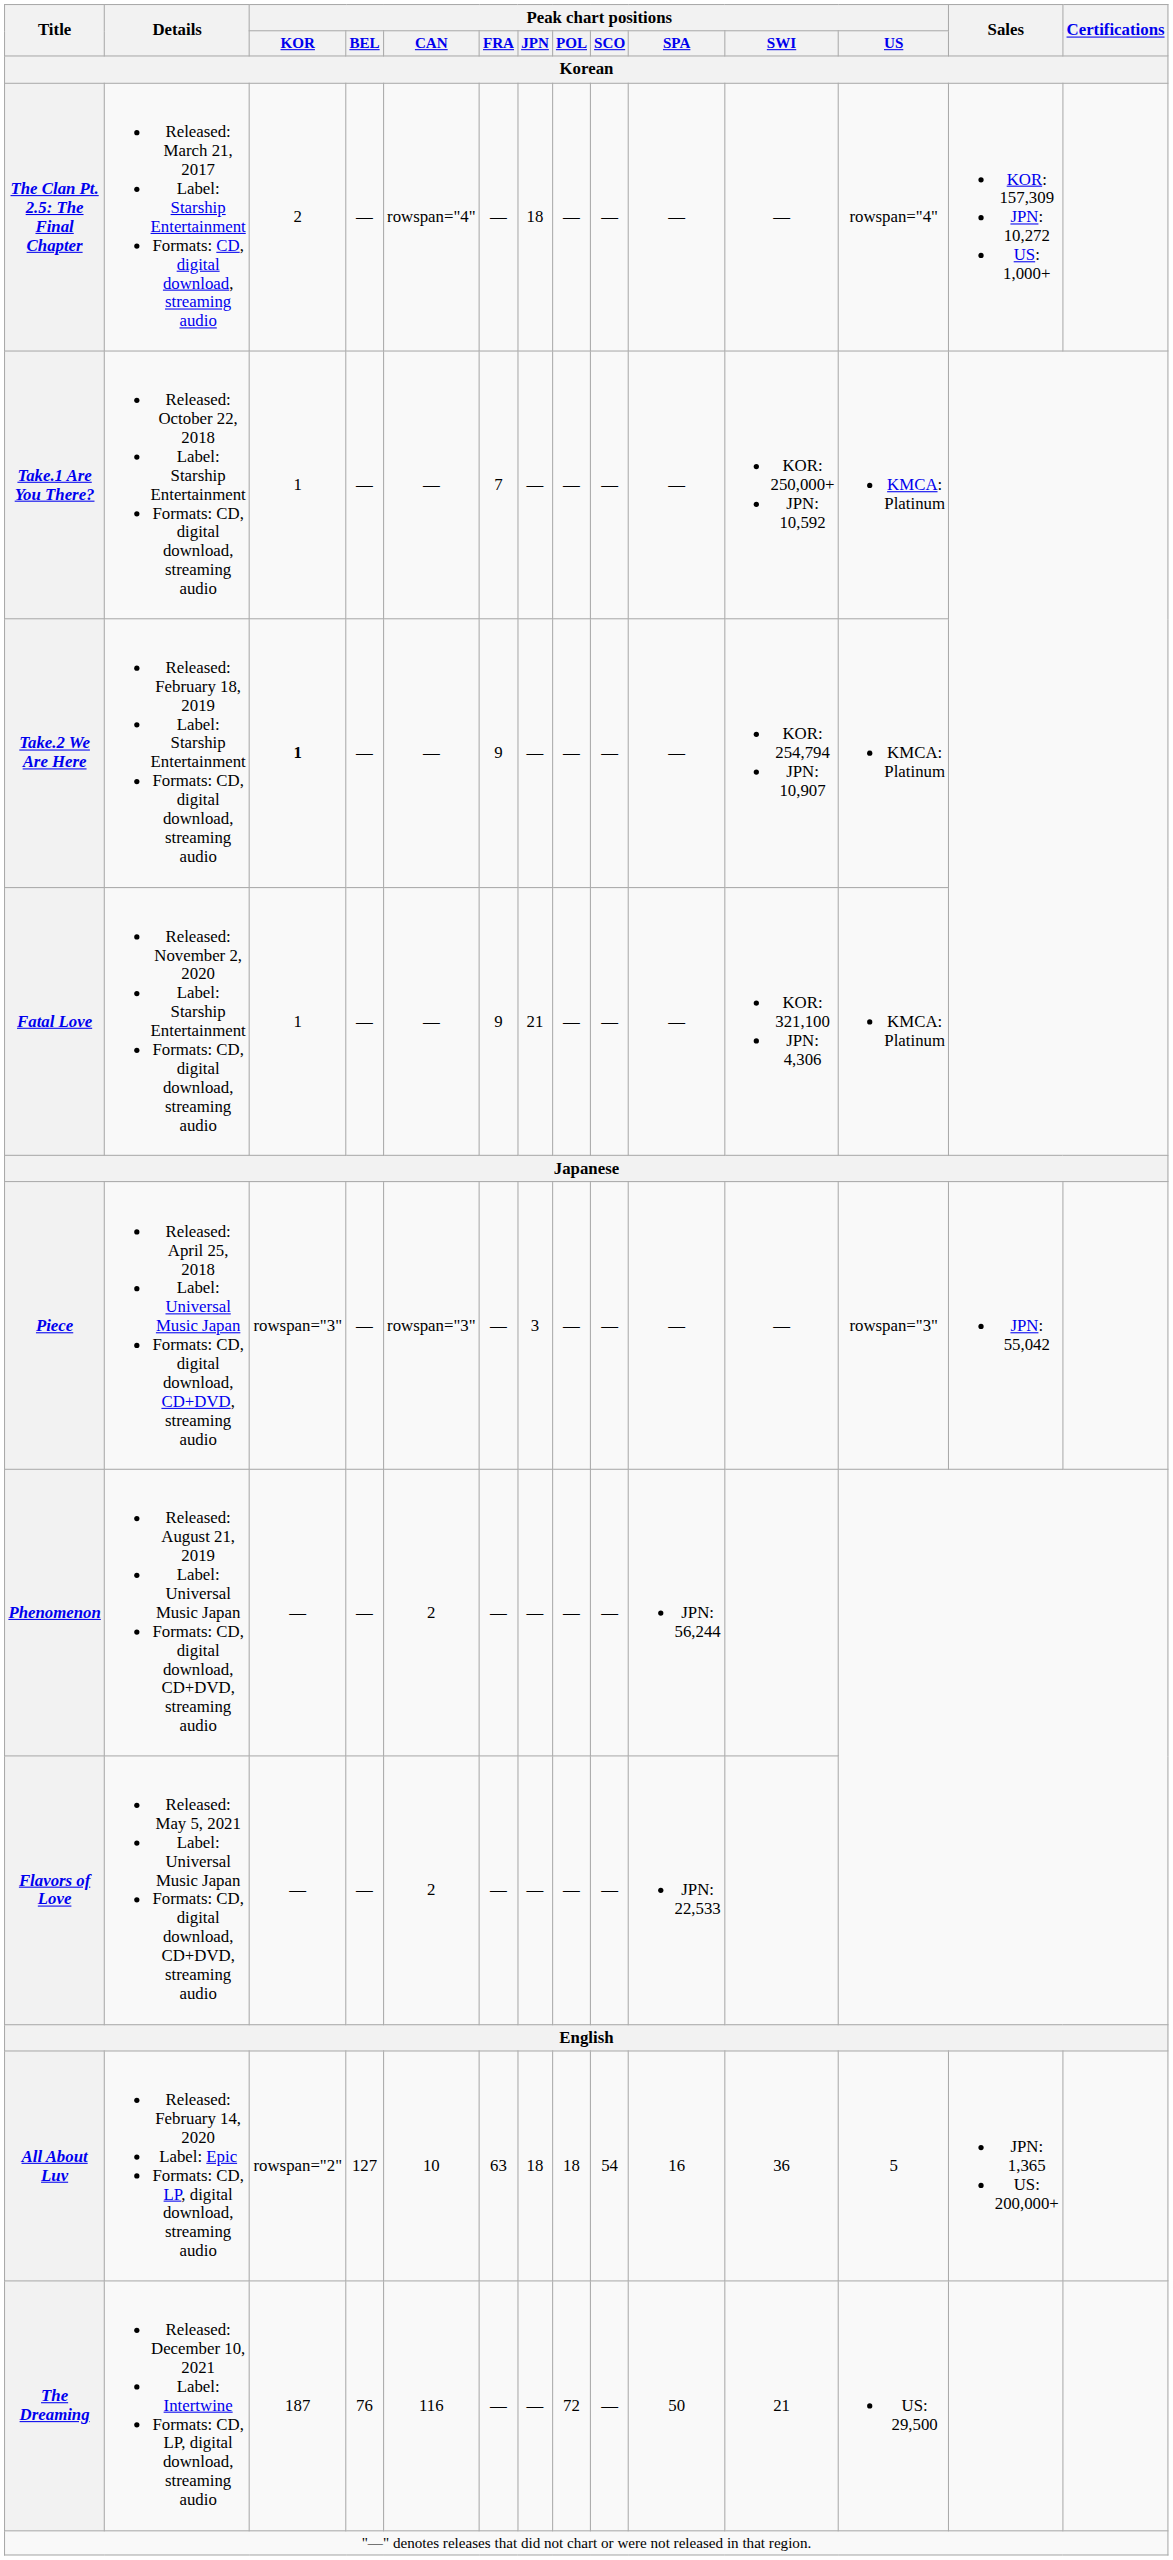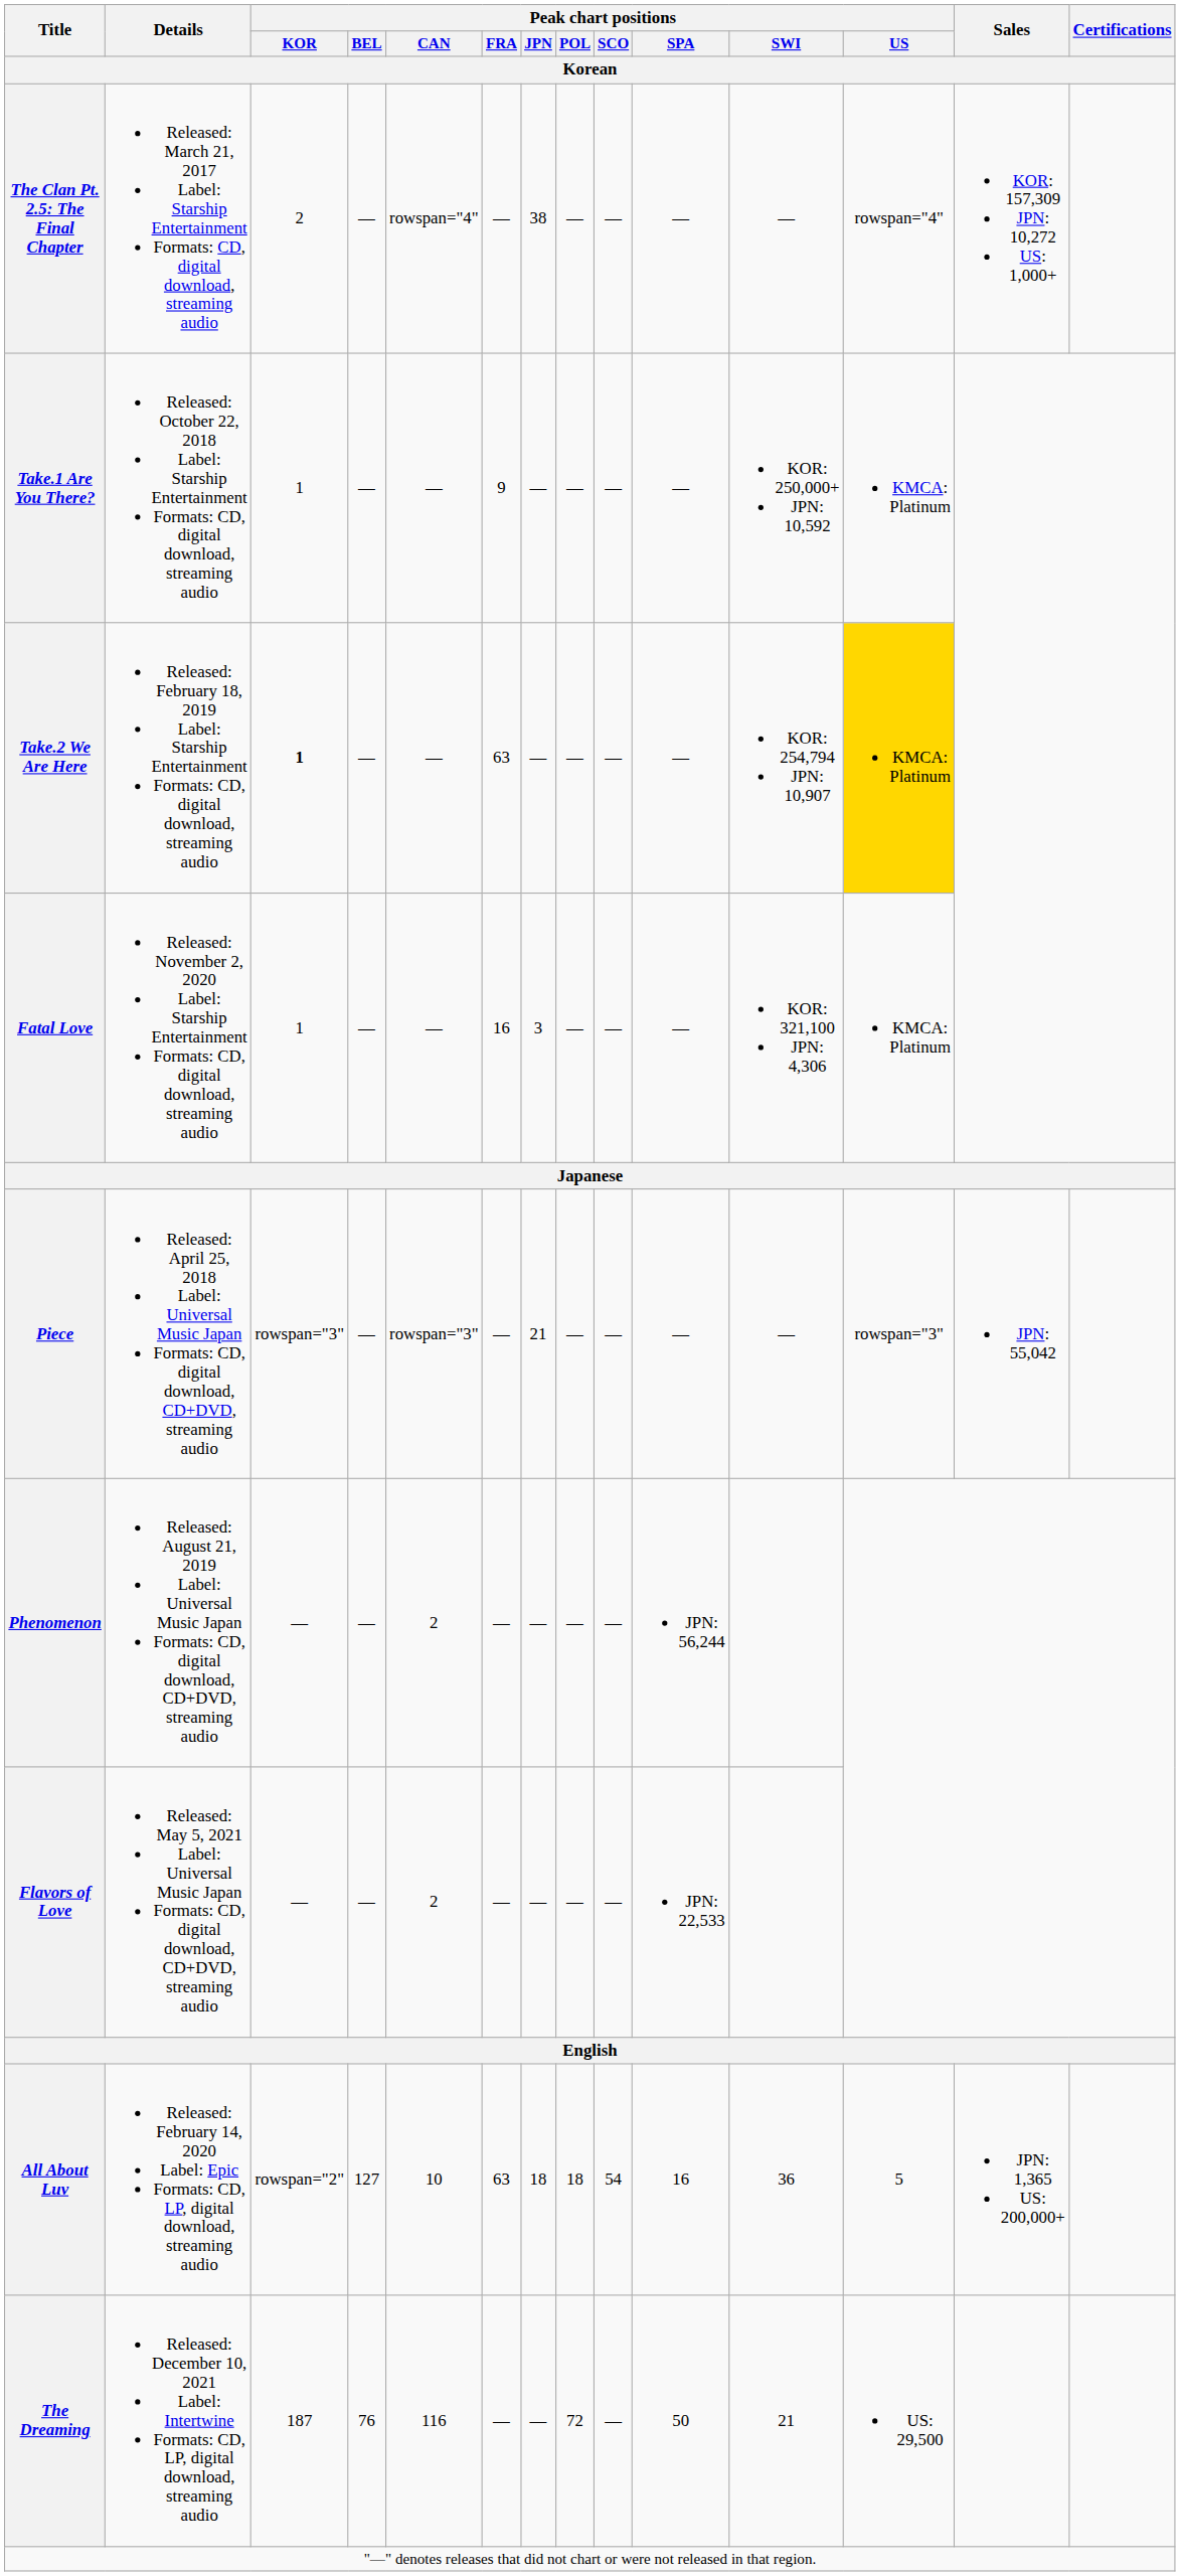 <table class="wikitable plainrowheaders" style="text-align:center;">
 <tr>
 <th scope="col" rowspan="2" style="width:6em;">Title</th>
 <th scope="col" rowspan="2" style="width:38em;">Details</th>
 <th scope="col" colspan="10">Peak chart positions</th>
 <th scope="col" rowspan="2" style="width:18em;">Sales</th>
 <th scope="col" rowspan="2" style="width:20em;"><a href='#'>Certifications</a><br></th>
 </tr>
 <tr>
 <th scope="col" style="width:3em;font-size:90%"><a href='#'>KOR</a><br></th>
 <th scope="col" style="width:3em;font-size:90%"><a href='#'>BEL</a><br></th>
 <th scope="col" style="width:3em;font-size:90%;"><a href='#'>CAN</a><br></th>
 <th scope="col" style="width:3em;font-size:90%;"><a href='#'>FRA</a><br></th>
 <th scope="col" style="width:3em;font-size:90%;"><a href='#'>JPN</a><br></th>
 <th scope="col" style="width:3em;font-size:90%;"><a href='#'>POL</a><br></th>
 <th scope="col" style="width:3em;font-size:90%"><a href='#'>SCO</a><br></th>
 <th scope="col" style="width:3em;font-size:90%;"><a href='#'>SPA</a><br></th>
 <th scope="col" style="width:3em;font-size:90%;"><a href='#'>SWI</a><br></th>
 <th scope="col" style="width:3em;font-size:90%;"><a href='#'>US</a><br></th>
 </tr>
 <tr>
 <th colspan="14">Korean</th>
 </tr>
 <tr>
 <th scope="row"><em><a href='#'>The Clan Pt. 2.5: The Final Chapter</a></em></th>
 <td><br><ul><li>Released: March 21, 2017</li><li>Label: <a href='#'>Starship Entertainment</a></li><li>Formats: <a href='#'>CD</a>, <a href='#'>digital download</a>, <a href='#'>streaming audio</a></li></ul></td>
 <td>2</td>
 <td>—</td>
 <td>rowspan="4" </td>
 <td>—</td>
-<td>18</td>
+<td>38</td>
 <td>—</td>
 <td>—</td>
 <td>—</td>
 <td>—</td>
 <td>rowspan="4" </td>
 <td><br><ul><li><a href='#'>KOR</a>: 157,309</li><li><a href='#'>JPN</a>: 10,272</li><li><a href='#'>US</a>: 1,000+</li></ul></td>
 <td></td>
 </tr>
 <tr>
 <th scope="row"><em><a href='#'>Take.1 Are You There?</a></em></th>
 <td><br><ul><li>Released: October 22, 2018</li><li>Label: Starship Entertainment</li><li>Formats: CD, digital download, streaming audio</li></ul></td>
 <td>1</td>
 <td>—</td>
 <td>—</td>
-<td>7</td>
+<td>9</td>
 <td>—</td>
 <td>—</td>
 <td>—</td>
 <td>—</td>
 <td><br><ul><li>KOR: 250,000+</li><li>JPN: 10,592</li></ul></td>
 <td><br><ul><li><a href='#'>KMCA</a>: Platinum</li></ul></td>
 </tr>
 <tr>
 <th scope="row"><em><a href='#'>Take.2 We Are Here</a></em></th>
 <td><br><ul><li>Released: February 18, 2019</li><li>Label: Starship Entertainment</li><li>Formats: CD, digital download, streaming audio</li></ul></td>
 <td><strong>1</strong></td>
 <td>—</td>
 <td>—</td>
-<td>9</td>
+<td>63</td>
 <td>—</td>
 <td>—</td>
 <td>—</td>
 <td>—</td>
 <td><br><ul><li>KOR: 254,794</li><li>JPN: 10,907</li></ul></td>
-<td><br><ul><li>KMCA: Platinum</li></ul></td>
+<td style="background: gold;"><br><ul><li>KMCA: Platinum</li></ul></td>
 </tr>
 <tr>
 <th scope="row"><em><a href='#'>Fatal Love</a></em></th>
 <td><br><ul><li>Released: November 2, 2020</li><li>Label: Starship Entertainment</li><li>Formats: CD, digital download, streaming audio</li></ul></td>
 <td>1</td>
 <td>—</td>
 <td>—</td>
-<td>9</td>
-<td>21</td>
+<td>16</td>
+<td>3</td>
 <td>—</td>
 <td>—</td>
 <td>—</td>
 <td><br><ul><li>KOR: 321,100</li><li>JPN: 4,306</li></ul></td>
 <td><br><ul><li>KMCA: Platinum</li></ul></td>
 </tr>
 <tr>
 <th colspan="14">Japanese</th>
 </tr>
 <tr>
 <th scope="row"><em><a href='#'>Piece</a></em></th>
 <td><br><ul><li>Released: April 25, 2018</li><li>Label: <a href='#'>Universal Music Japan</a></li><li>Formats: CD, digital download, <a href='#'>CD+DVD</a>, streaming audio</li></ul></td>
 <td>rowspan="3" </td>
 <td>—</td>
 <td>rowspan="3" </td>
 <td>—</td>
-<td>3</td>
+<td>21</td>
 <td>—</td>
 <td>—</td>
 <td>—</td>
 <td>—</td>
 <td>rowspan="3" </td>
 <td><br><ul><li><a href='#'>JPN</a>: 55,042</li></ul></td>
 <td></td>
 </tr>
 <tr>
 <th scope="row"><em><a href='#'>Phenomenon</a></em></th>
 <td><br><ul><li>Released: August 21, 2019</li><li>Label: Universal Music Japan</li><li>Formats: CD, digital download, CD+DVD, streaming audio</li></ul></td>
 <td>—</td>
 <td>—</td>
 <td>2</td>
 <td>—</td>
 <td>—</td>
 <td>—</td>
 <td>—</td>
 <td><br><ul><li>JPN: 56,244</li></ul></td>
 <td></td>
 </tr>
 <tr>
 <th scope="row"><em><a href='#'>Flavors of Love</a></em></th>
 <td><br><ul><li>Released: May 5, 2021</li><li>Label: Universal Music Japan</li><li>Formats: CD, digital download, CD+DVD, streaming audio</li></ul></td>
 <td>—</td>
 <td>—</td>
 <td>2</td>
 <td>—</td>
 <td>—</td>
 <td>—</td>
 <td>—</td>
 <td><br><ul><li>JPN: 22,533</li></ul></td>
 <td></td>
 </tr>
 <tr>
 <th colspan="14">English</th>
 </tr>
 <tr>
 <th scope="row"><em><a href='#'>All About Luv</a></em></th>
 <td><br><ul><li>Released: February 14, 2020</li><li>Label: <a href='#'>Epic</a></li><li>Formats: CD, <a href='#'>LP</a>, digital download, streaming audio</li></ul></td>
 <td>rowspan="2" </td>
 <td>127</td>
 <td>10</td>
 <td>63</td>
 <td>18</td>
 <td>18</td>
 <td>54</td>
 <td>16</td>
 <td>36</td>
 <td>5</td>
 <td><br><ul><li>JPN: 1,365</li><li>US: 200,000+</li></ul></td>
 <td></td>
 </tr>
 <tr>
 <th scope="row"><em><a href='#'>The Dreaming</a></em></th>
 <td><br><ul><li>Released: December 10, 2021</li><li>Label: <a href='#'>Intertwine</a></li><li>Formats: CD, LP, digital download, streaming audio</li></ul></td>
 <td>187</td>
 <td>76</td>
 <td>116</td>
 <td>—</td>
 <td>—</td>
 <td>72</td>
 <td>—</td>
 <td>50</td>
 <td>21</td>
 <td><br><ul><li>US: 29,500</li></ul></td>
 <td></td>
 </tr>
 <tr>
 <td colspan="14" style="font-size:90%">"—" denotes releases that did not chart or were not released in that region.</td>
 </tr>
 </table>
